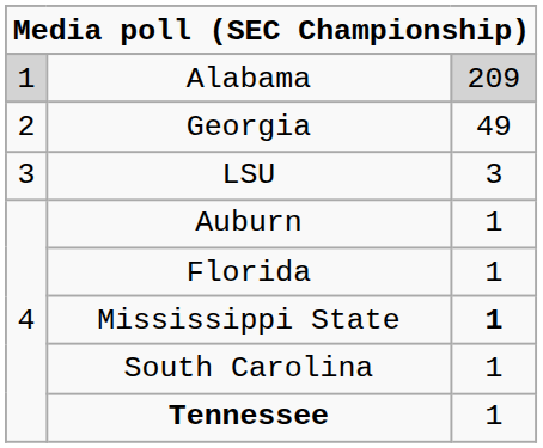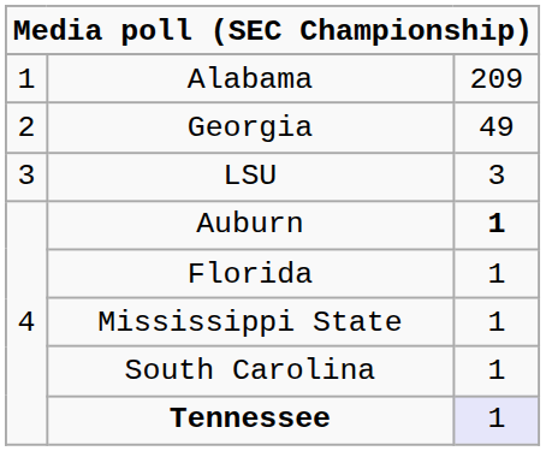 <table class="wikitable">
 <tr align="center">
 <td align="center" Colspan="3"><strong>Media poll (SEC Championship)</strong></td>
 </tr>
 <tr align="center">
 </tr>
 <tr align="center">
-<td style="background: lightgrey;">1</td>
+<td>1</td>
 <td>Alabama</td>
-<td style="background: lightgrey;">209</td>
+<td>209</td>
 </tr>
 <tr align="center">
 <td>2</td>
 <td>Georgia</td>
 <td>49</td>
 </tr>
 <tr align="center">
 <td>3</td>
 <td>LSU</td>
 <td>3</td>
 </tr>
 <tr align="center">
 <td rowspan="5">4</td>
 <td>Auburn</td>
-<td>1</td>
+<td><strong>1</strong></td>
 </tr>
 <tr align="center">
 <td>Florida</td>
 <td>1</td>
 </tr>
 <tr align="center">
 <td>Mississippi State</td>
-<td><strong>1</strong></td>
+<td>1</td>
 </tr>
 <tr align="center">
 <td>South Carolina</td>
 <td>1</td>
 </tr>
 <tr align="center">
 <td><strong>Tennessee</strong></td>
-<td>1</td>
+<td style="background: lavender;">1</td>
 </tr>
 </table>
